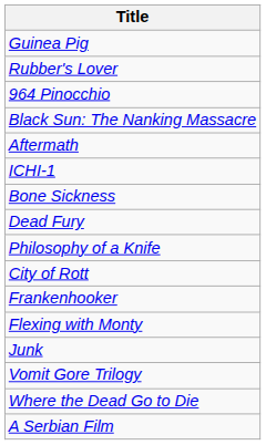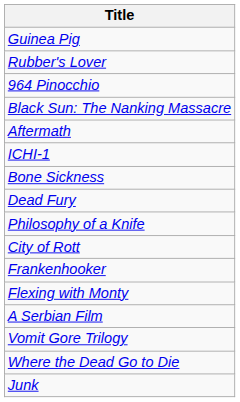 <table class="wikitable sortable">
 <tr>
 <th>Title</th>
 </tr>
 <tr>
 <td><em><a href='#'>Guinea Pig</a></em></td>
 </tr>
 <tr>
 <td><em><a href='#'>Rubber's Lover</a></em></td>
 </tr>
 <tr>
 <td><em><a href='#'>964 Pinocchio</a></em></td>
 </tr>
 <tr>
 <td><em><a href='#'>Black Sun: The Nanking Massacre</a></em></td>
 </tr>
 <tr>
 <td><em><a href='#'>Aftermath</a></em></td>
 </tr>
 <tr>
 <td><em><a href='#'>ICHI-1</a></em></td>
 </tr>
 <tr>
 <td><em><a href='#'>Bone Sickness</a></em></td>
 </tr>
 <tr>
 <td><em><a href='#'>Dead Fury</a></em></td>
 </tr>
 <tr>
 <td><em><a href='#'>Philosophy of a Knife</a></em></td>
 </tr>
 <tr>
 <td><em><a href='#'>City of Rott</a></em></td>
 </tr>
 <tr>
 <td><em><a href='#'>Frankenhooker</a></em></td>
 </tr>
 <tr>
 <td><em><a href='#'>Flexing with Monty</a></em></td>
 </tr>
 <tr>
-<td><em><a href='#'>Junk</a></em></td>
+<td><em><a href='#'>A Serbian Film</a></em></td>
 </tr>
 <tr>
 <td><em><a href='#'>Vomit Gore Trilogy</a></em></td>
 </tr>
 <tr>
 <td><em><a href='#'>Where the Dead Go to Die</a></em></td>
 </tr>
 <tr>
-<td><em><a href='#'>A Serbian Film</a></em></td>
+<td><em><a href='#'>Junk</a></em></td>
 </tr>
 </table>
